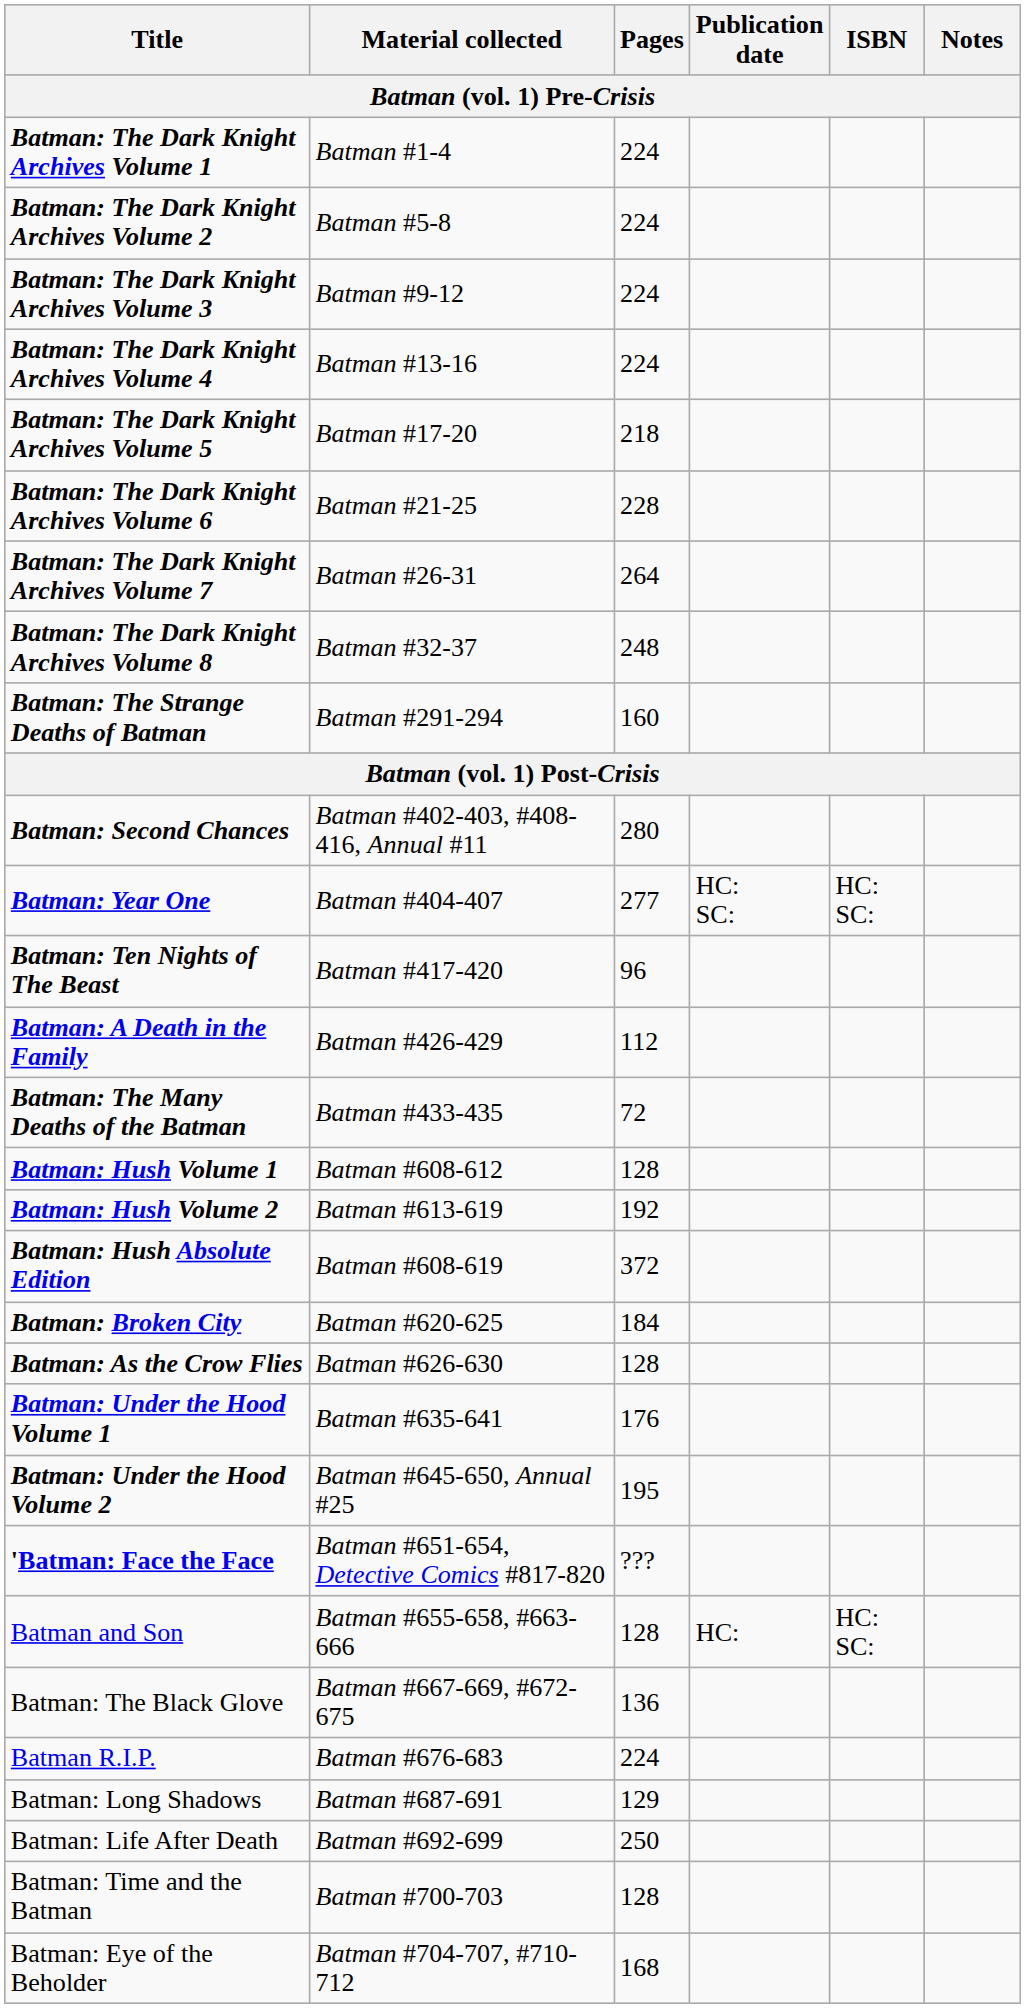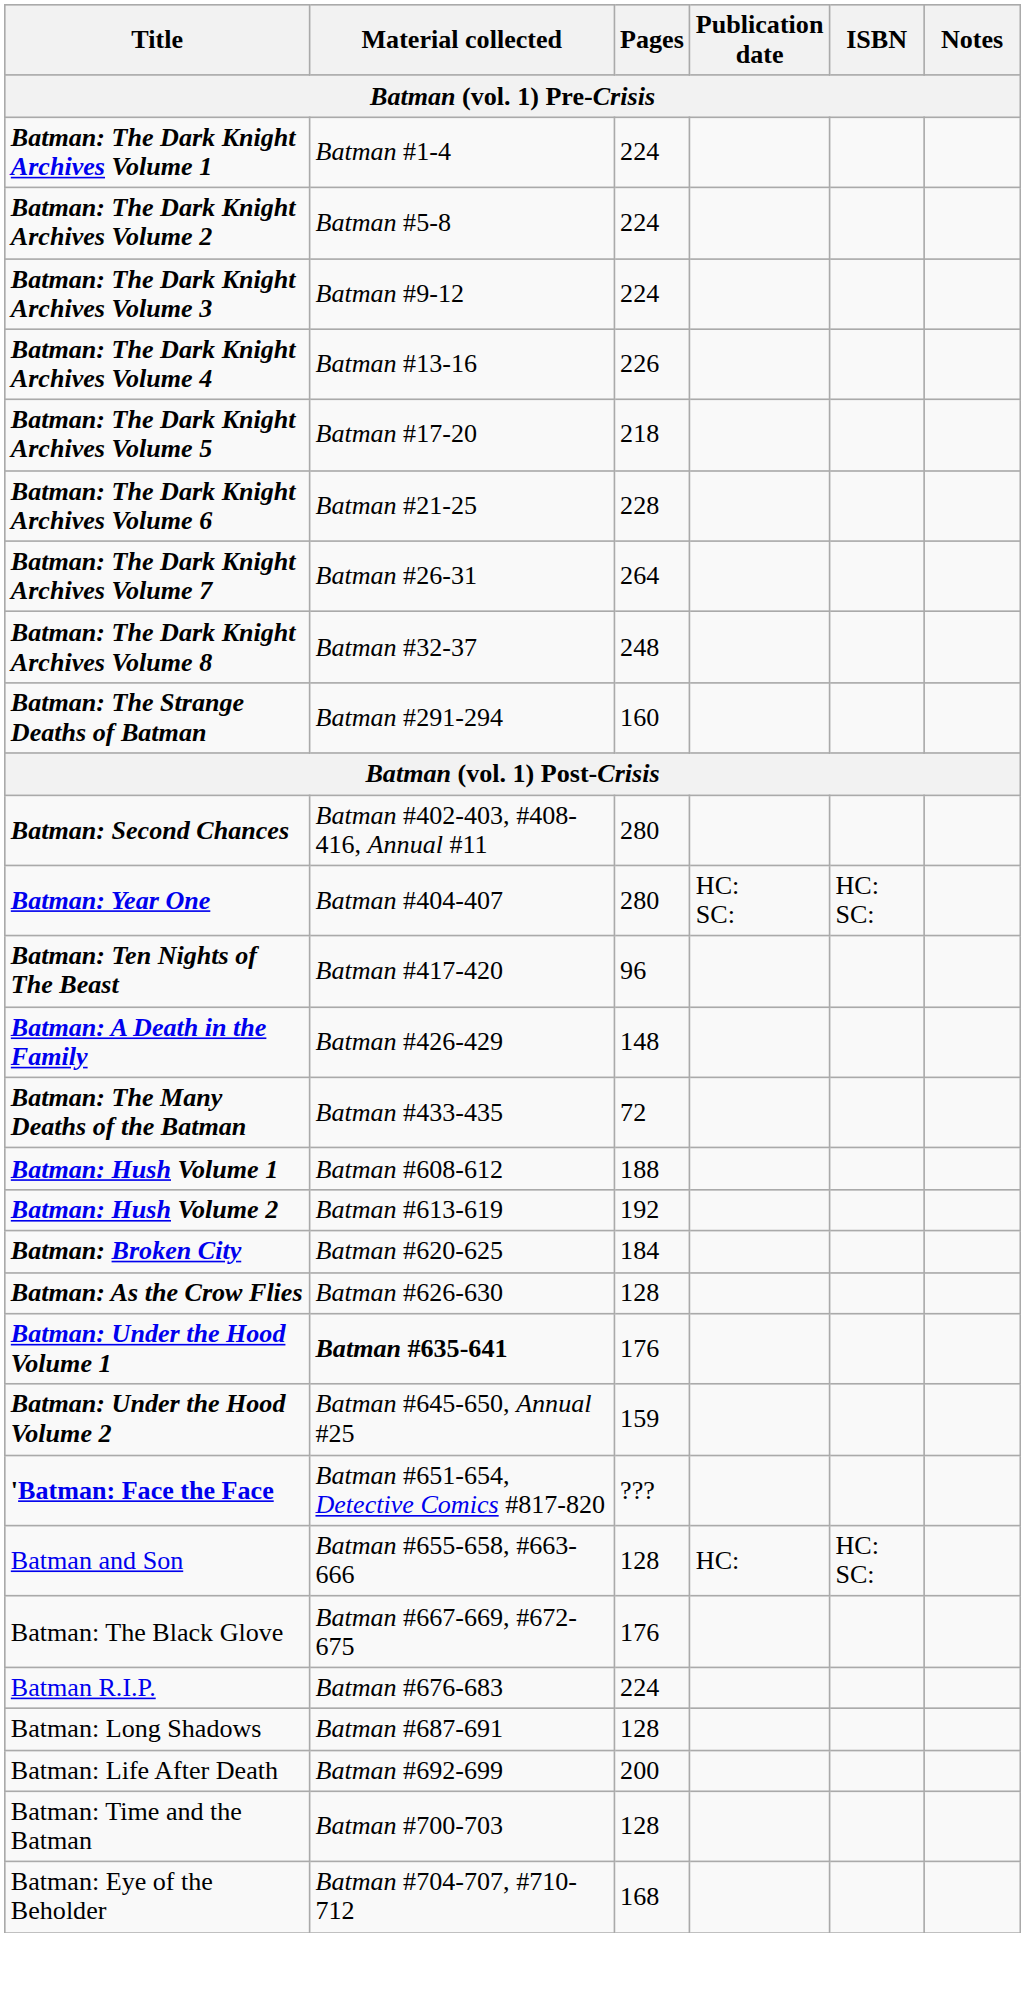 <table class="wikitable" width="100%">
 <tr>
 <th style="width:30%;">Title</th>
 <th style="width:30%;">Material collected</th>
 <th style="width:5%;">Pages</th>
 <th style="width:12%;">Publication date</th>
 <th>ISBN</th>
 <th>Notes</th>
 </tr>
 <tr>
 <th colspan="6"><em>Batman</em> (vol. 1) Pre-<em>Crisis</em></th>
 </tr>
 <tr>
 <td><strong><em>Batman: The Dark Knight <a href='#'>Archives</a> Volume 1</em></strong></td>
 <td><em>Batman</em> #1-4</td>
 <td>224</td>
 <td></td>
 <td></td>
 <td></td>
 </tr>
 <tr>
 <td><strong><em>Batman: The Dark Knight Archives Volume 2</em></strong></td>
 <td><em>Batman</em> #5-8</td>
 <td>224</td>
 <td></td>
 <td></td>
 <td></td>
 </tr>
 <tr>
 <td><strong><em>Batman: The Dark Knight Archives Volume 3</em></strong></td>
 <td><em>Batman</em> #9-12</td>
 <td>224</td>
 <td></td>
 <td></td>
 <td></td>
 </tr>
 <tr>
 <td><strong><em>Batman: The Dark Knight Archives Volume 4</em></strong></td>
 <td><em>Batman</em> #13-16</td>
-<td>224</td>
+<td>226</td>
 <td></td>
 <td></td>
 <td></td>
 </tr>
 <tr>
 <td><strong><em>Batman: The Dark Knight Archives Volume 5</em></strong></td>
 <td><em>Batman</em> #17-20</td>
 <td>218</td>
 <td></td>
 <td></td>
 <td></td>
 </tr>
 <tr>
 <td><strong><em>Batman: The Dark Knight Archives Volume 6</em></strong></td>
 <td><em>Batman</em> #21-25</td>
 <td>228</td>
 <td></td>
 <td></td>
 <td></td>
 </tr>
 <tr>
 <td><strong><em>Batman: The Dark Knight Archives Volume 7</em></strong></td>
 <td><em>Batman</em> #26-31</td>
 <td>264</td>
 <td></td>
 <td></td>
 <td></td>
 </tr>
 <tr>
 <td><strong><em>Batman: The Dark Knight Archives Volume 8</em></strong></td>
 <td><em>Batman</em> #32-37</td>
 <td>248</td>
 <td></td>
 <td></td>
 <td></td>
 </tr>
 <tr>
 <td><strong><em>Batman: The Strange Deaths of Batman</em></strong></td>
 <td><em>Batman</em> #291-294</td>
 <td>160</td>
 <td></td>
 <td></td>
 <td></td>
 </tr>
 <tr>
 <th colspan="6"><em>Batman</em> (vol. 1) Post-<em>Crisis</em></th>
 </tr>
 <tr>
 <td><strong><em>Batman: Second Chances</em></strong></td>
 <td><em>Batman</em> #402-403, #408-416, <em>Annual</em> #11</td>
 <td>280</td>
 <td></td>
 <td></td>
 <td></td>
 </tr>
 <tr>
 <td><strong><em><a href='#'>Batman: Year One</a></em></strong></td>
 <td><em>Batman</em> #404-407</td>
-<td>277</td>
+<td>280</td>
 <td>HC: <br>SC: </td>
 <td>HC: <br>SC: </td>
 <td></td>
 </tr>
 <tr>
 <td><strong><em>Batman: Ten Nights of The Beast</em></strong></td>
 <td><em>Batman</em> #417-420</td>
 <td>96</td>
 <td></td>
 <td></td>
 <td></td>
 </tr>
 <tr>
 <td><strong><em><a href='#'>Batman: A Death in the Family</a></em></strong></td>
 <td><em>Batman</em> #426-429</td>
-<td>112</td>
+<td>148</td>
 <td></td>
 <td></td>
 <td></td>
 </tr>
 <tr>
 <td><strong><em>Batman: The Many Deaths of the Batman</em></strong></td>
 <td><em>Batman</em> #433-435</td>
 <td>72</td>
 <td></td>
 <td></td>
 <td></td>
 </tr>
 <tr>
 <td><strong><em><a href='#'>Batman: Hush</a> Volume 1</em></strong></td>
 <td><em>Batman</em> #608-612</td>
-<td>128</td>
+<td>188</td>
 <td></td>
 <td></td>
 <td></td>
 </tr>
 <tr>
 <td><strong><em><a href='#'>Batman: Hush</a> Volume 2</em></strong></td>
 <td><em>Batman</em> #613-619</td>
 <td>192</td>
-<td></td>
-<td></td>
-<td></td>
-</tr>
-<tr>
-<td><strong><em>Batman: Hush <a href='#'>Absolute Edition</a></em></strong></td>
-<td><em>Batman</em> #608-619</td>
-<td>372</td>
 <td></td>
 <td></td>
 <td></td>
 </tr>
 <tr>
 <td><strong><em>Batman: <a href='#'>Broken City</a></em></strong></td>
 <td><em>Batman</em> #620-625</td>
 <td>184</td>
 <td></td>
 <td></td>
 <td></td>
 </tr>
 <tr>
 <td><strong><em>Batman: As the Crow Flies</em></strong></td>
 <td><em>Batman</em> #626-630</td>
 <td>128</td>
 <td></td>
 <td></td>
 <td></td>
 </tr>
 <tr>
 <td><strong><em><a href='#'>Batman: Under the Hood</a> Volume 1</em></strong></td>
-<td><em>Batman</em> #635-641</td>
+<td><strong><em>Batman</em> #635-641</strong></td>
 <td>176</td>
 <td></td>
 <td></td>
 <td></td>
 </tr>
 <tr>
 <td><strong><em>Batman: Under the Hood Volume 2</em></strong></td>
 <td><em>Batman</em> #645-650, <em>Annual</em> #25</td>
-<td>195</td>
+<td>159</td>
 <td></td>
 <td></td>
 <td></td>
 </tr>
 <tr>
 <td><strong>'<a href='#'>Batman: Face the Face</a><strong><em></td>
 <td><em>Batman</em> #651-654, <em><a href='#'>Detective Comics</a></em> #817-820</td>
 <td>???</td>
 <td></td>
 <td></td>
 <td></td>
 </tr>
 <tr>
 <td></em></strong><a href='#'>Batman and Son</a><strong><em></td>
 <td><em>Batman</em> #655-658, #663-666</td>
 <td>128</td>
 <td>HC: </td>
 <td>HC: <br>SC: </td>
 <td></td>
 </tr>
 <tr>
 <td></em></strong>Batman: The Black Glove<strong><em></td>
 <td><em>Batman</em> #667-669, #672-675</td>
-<td>136</td>
+<td>176</td>
 <td></td>
 <td></td>
 <td></td>
 </tr>
 <tr>
 <td></em></strong><a href='#'>Batman R.I.P.</a><strong><em></td>
 <td><em>Batman</em> #676-683</td>
 <td>224</td>
 <td></td>
 <td></td>
 <td></td>
 </tr>
 <tr>
 <td></em></strong>Batman: Long Shadows<strong><em></td>
 <td><em>Batman</em> #687-691</td>
-<td>129</td>
+<td>128</td>
 <td></td>
 <td></td>
 <td></td>
 </tr>
 <tr>
 <td></em></strong>Batman: Life After Death<strong><em></td>
 <td><em>Batman</em> #692-699</td>
-<td>250</td>
+<td>200</td>
 <td></td>
 <td></td>
 <td></td>
 </tr>
 <tr>
 <td></em></strong>Batman: Time and the Batman<strong><em></td>
 <td><em>Batman</em> #700-703</td>
 <td>128</td>
 <td></td>
 <td></td>
 <td></td>
 </tr>
 <tr>
 <td></em></strong>Batman: Eye of the Beholder<strong><em></td>
 <td><em>Batman</em> #704-707, #710-712</td>
 <td>168</td>
 <td></td>
 <td></td>
 <td></td>
 </tr>
 </table>
